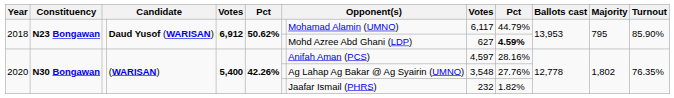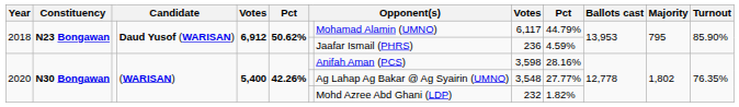 <table class="wikitable" style="margin:0.5em ; font-size:95%">
 <tr>
 <th>Year</th>
 <th>Constituency</th>
 <th colspan=2>Candidate</th>
 <th>Votes</th>
 <th>Pct</th>
 <th colspan=2>Opponent(s)</th>
 <th>Votes</th>
 <th>Pct</th>
 <th>Ballots cast</th>
 <th>Majority</th>
 <th>Turnout</th>
 </tr>
 <tr>
 <td rowspan=2>2018</td>
 <td rowspan=2><strong>N23 <a href='#'>Bongawan</a></strong></td>
 <td rowspan=2 ></td>
 <td rowspan=2><strong>Daud Yusof</strong> (<a href='#'><strong>WARISAN</strong></a>)</td>
 <td rowspan=2 align="right"><strong>6,912</strong></td>
 <td rowspan=2><strong>50.62%</strong></td>
 <td></td>
 <td><a href='#'>Mohamad Alamin</a> (<a href='#'>UMNO</a>)</td>
 <td align="right">6,117</td>
 <td>44.79%</td>
 <td rowspan=2>13,953</td>
 <td rowspan=2>795</td>
 <td rowspan=2>85.90%</td>
 </tr>
 <tr>
 <td></td>
-<td>Mohd Azree Abd Ghani (<a href='#'>LDP</a>)</td>
-<td align="right">627</td>
-<td><strong>4.59%</strong></td>
+<td>Jaafar Ismail (<a href='#'>PHRS</a>)</td>
+<td align="right">236</td>
+<td>4.59%</td>
 </tr>
 <tr>
 <td rowspan=3>2020</td>
 <td rowspan=3><strong>N30 <a href='#'>Bongawan</a></strong></td>
 <td rowspan=3 ></td>
 <td rowspan=3> (<a href='#'><strong>WARISAN</strong></a>)</td>
 <td rowspan=3 align="right"><strong>5,400</strong></td>
 <td rowspan=3><strong>42.26%</strong></td>
 <td></td>
 <td><a href='#'>Anifah Aman</a> (<a href='#'>PCS</a>)</td>
-<td align="right">4,597</td>
+<td align="right">3,598</td>
 <td>28.16%</td>
 <td rowspan=3>12,778</td>
 <td rowspan=3>1,802</td>
 <td rowspan=3>76.35%</td>
 </tr>
 <tr>
 <td></td>
 <td>Ag Lahap Ag Bakar @ Ag Syairin (<a href='#'>UMNO</a>)</td>
 <td align="right">3,548</td>
-<td>27.76%</td>
+<td>27.77%</td>
 </tr>
 <tr>
 <td></td>
-<td>Jaafar Ismail (<a href='#'>PHRS</a>)</td>
+<td>Mohd Azree Abd Ghani (<a href='#'>LDP</a>)</td>
 <td align="right">232</td>
 <td>1.82%</td>
 </tr>
 </table>
